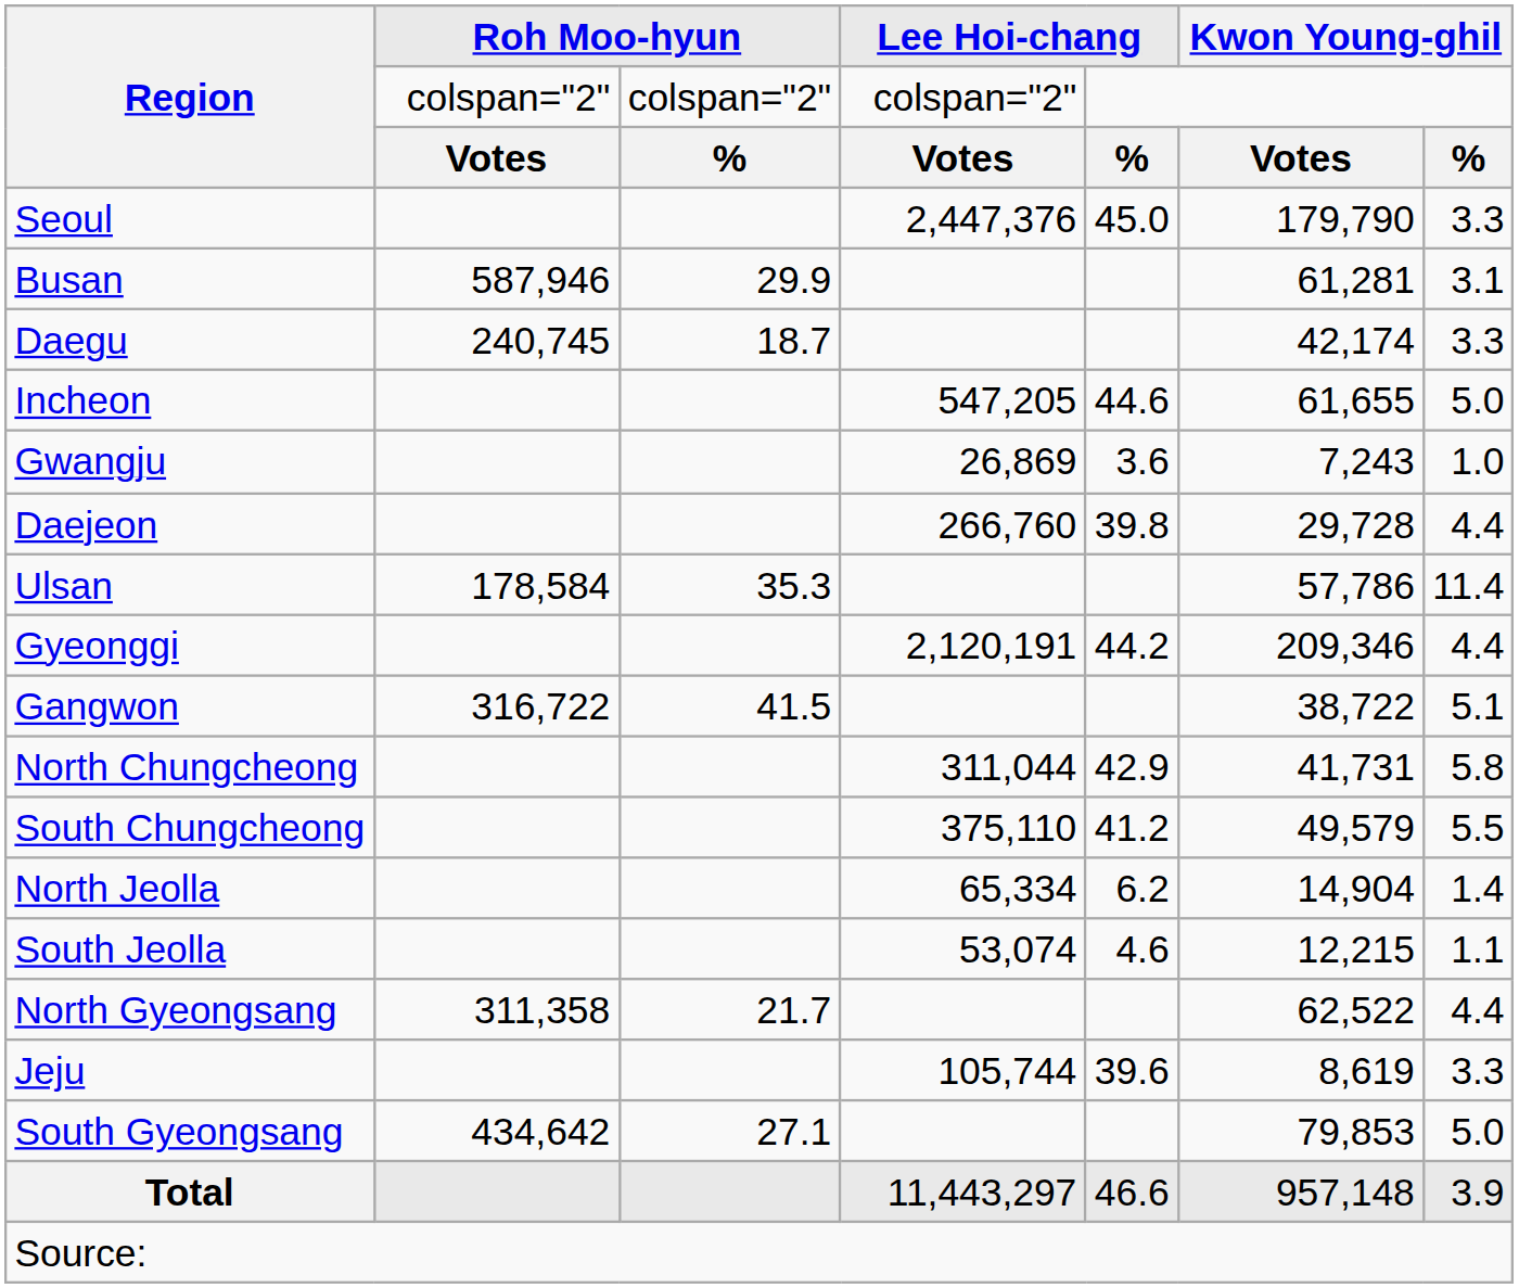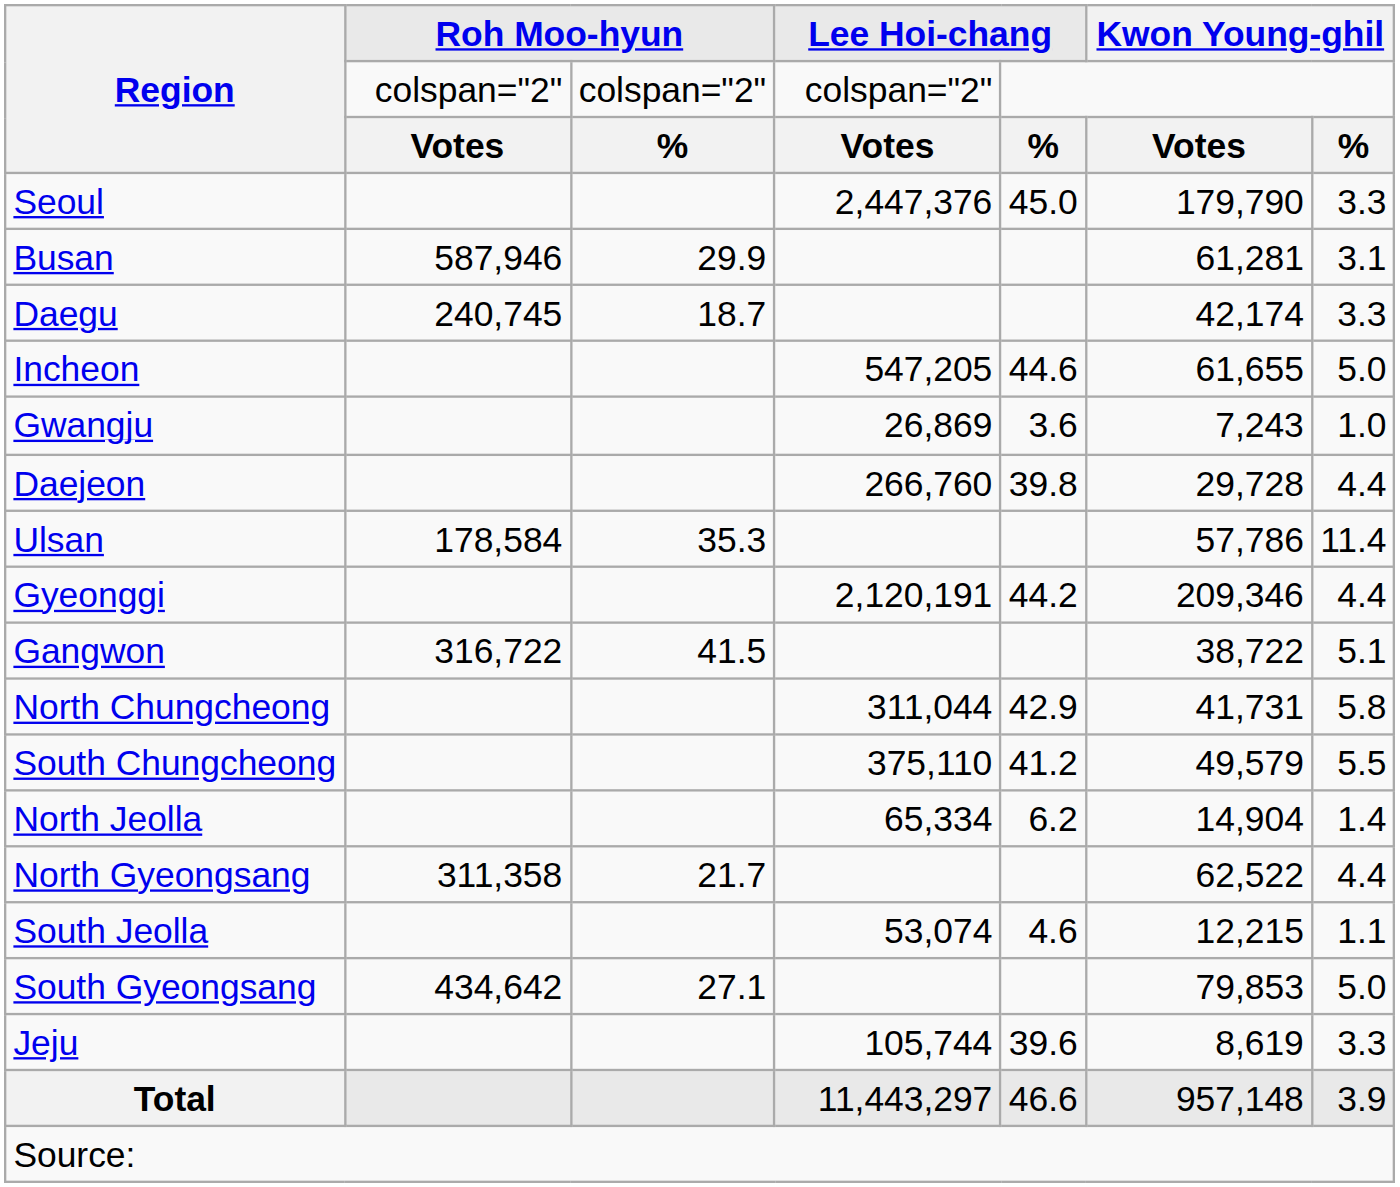 <table class="wikitable" style="text-align:right; font-size:95%">
 <tr>
 <th rowspan="3"><a href='#'>Region</a></th>
 <th colspan="2" align="center" style="background: #E9E9E9"><a href='#'>Roh Moo-hyun</a></th>
 <th colspan="2" align="center" style="background: #E9E9E9"><a href='#'>Lee Hoi-chang</a></th>
 <th colspan="2"><a href='#'>Kwon Young-ghil</a></th>
 </tr>
 <tr>
 <td>colspan="2" </td>
 <td>colspan="2" </td>
 <td>colspan="2" </td>
 </tr>
 <tr>
 <th width="90px">Votes</th>
 <th width="25px">%</th>
 <th width="90px">Votes</th>
 <th width="25px">%</th>
 <th width="90px">Votes</th>
 <th width="25px">%</th>
 </tr>
 <tr>
 <td align="left"><a href='#'>Seoul</a></td>
 <td></td>
 <td></td>
 <td>2,447,376</td>
 <td>45.0</td>
 <td>179,790</td>
 <td>3.3</td>
 </tr>
 <tr>
 <td align="left"><a href='#'>Busan</a></td>
 <td>587,946</td>
 <td>29.9</td>
 <td></td>
 <td></td>
 <td>61,281</td>
 <td>3.1</td>
 </tr>
 <tr>
 <td align="left"><a href='#'>Daegu</a></td>
 <td>240,745</td>
 <td>18.7</td>
 <td></td>
 <td></td>
 <td>42,174</td>
 <td>3.3</td>
 </tr>
 <tr>
 <td align="left"><a href='#'>Incheon</a></td>
 <td></td>
 <td></td>
 <td>547,205</td>
 <td>44.6</td>
 <td>61,655</td>
 <td>5.0</td>
 </tr>
 <tr>
 <td align="left"><a href='#'>Gwangju</a></td>
 <td></td>
 <td></td>
 <td>26,869</td>
 <td>3.6</td>
 <td>7,243</td>
 <td>1.0</td>
 </tr>
 <tr>
 <td align="left"><a href='#'>Daejeon</a></td>
 <td></td>
 <td></td>
 <td>266,760</td>
 <td>39.8</td>
 <td>29,728</td>
 <td>4.4</td>
 </tr>
 <tr>
 <td align="left"><a href='#'>Ulsan</a></td>
 <td>178,584</td>
 <td>35.3</td>
 <td></td>
 <td></td>
 <td>57,786</td>
 <td>11.4</td>
 </tr>
 <tr>
 <td align="left"><a href='#'>Gyeonggi</a></td>
 <td></td>
 <td></td>
 <td>2,120,191</td>
 <td>44.2</td>
 <td>209,346</td>
 <td>4.4</td>
 </tr>
 <tr>
 <td align="left"><a href='#'>Gangwon</a></td>
 <td>316,722</td>
 <td>41.5</td>
 <td></td>
 <td></td>
 <td>38,722</td>
 <td>5.1</td>
 </tr>
 <tr>
 <td align="left"><a href='#'>North Chungcheong</a></td>
 <td></td>
 <td></td>
 <td>311,044</td>
 <td>42.9</td>
 <td>41,731</td>
 <td>5.8</td>
 </tr>
 <tr>
 <td align="left"><a href='#'>South Chungcheong</a></td>
 <td></td>
 <td></td>
 <td>375,110</td>
 <td>41.2</td>
 <td>49,579</td>
 <td>5.5</td>
 </tr>
 <tr>
 <td align="left"><a href='#'>North Jeolla</a></td>
 <td></td>
 <td></td>
 <td>65,334</td>
 <td>6.2</td>
 <td>14,904</td>
 <td>1.4</td>
 </tr>
 <tr>
+<td align="left"><a href='#'>North Gyeongsang</a></td>
+<td>311,358</td>
+<td>21.7</td>
+<td></td>
+<td></td>
+<td>62,522</td>
+<td>4.4</td>
+</tr>
+<tr>
 <td align="left"><a href='#'>South Jeolla</a></td>
 <td></td>
 <td></td>
 <td>53,074</td>
 <td>4.6</td>
 <td>12,215</td>
 <td>1.1</td>
 </tr>
 <tr>
-<td align="left"><a href='#'>North Gyeongsang</a></td>
-<td>311,358</td>
-<td>21.7</td>
+<td align="left"><a href='#'>South Gyeongsang</a></td>
+<td>434,642</td>
+<td>27.1</td>
 <td></td>
 <td></td>
-<td>62,522</td>
-<td>4.4</td>
+<td>79,853</td>
+<td>5.0</td>
 </tr>
 <tr>
 <td align="left"><a href='#'>Jeju</a></td>
 <td></td>
 <td></td>
 <td>105,744</td>
 <td>39.6</td>
 <td>8,619</td>
 <td>3.3</td>
-</tr>
-<tr>
-<td align="left"><a href='#'>South Gyeongsang</a></td>
-<td>434,642</td>
-<td>27.1</td>
-<td></td>
-<td></td>
-<td>79,853</td>
-<td>5.0</td>
 </tr>
 <tr style="background:#E9E9E9">
 <th align="left"><strong>Total</strong></th>
 <td></td>
 <td></td>
 <td>11,443,297</td>
 <td>46.6</td>
 <td>957,148</td>
 <td>3.9</td>
 </tr>
 <tr>
 <td colspan="7" align="left">Source: </td>
 </tr>
 </table>
